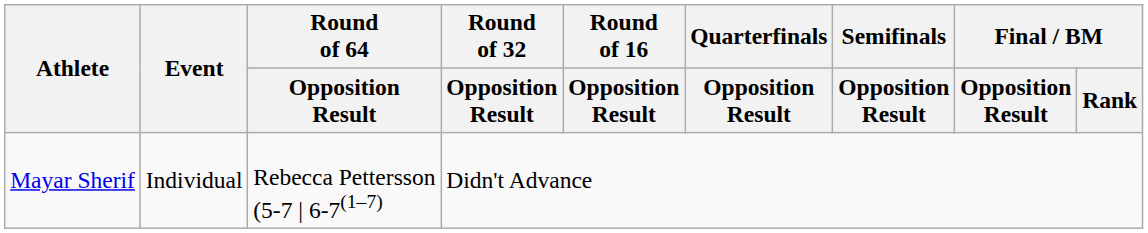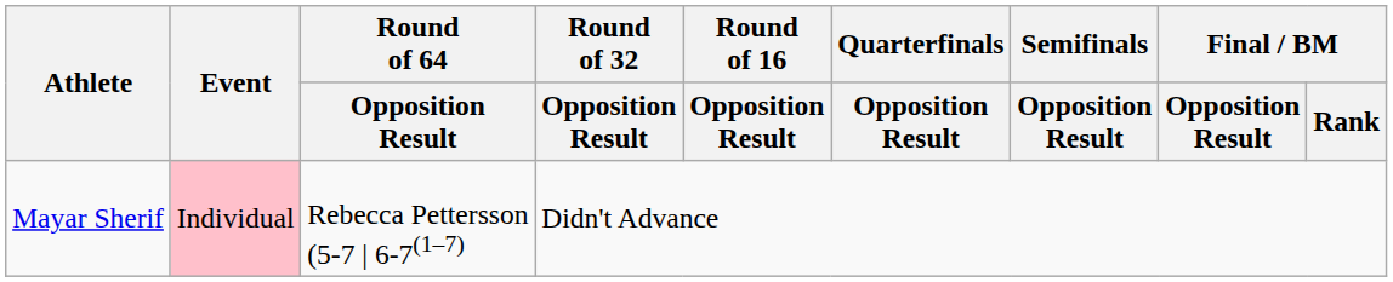 <table class="wikitable">
 <tr>
 <th rowspan="2">Athlete</th>
 <th rowspan="2">Event</th>
 <th>Round<br>of 64</th>
 <th>Round<br>of 32</th>
 <th>Round<br>of 16</th>
 <th>Quarterfinals</th>
 <th>Semifinals</th>
 <th colspan="2">Final / <abbr>BM</abbr></th>
 </tr>
 <tr>
 <th>Opposition<br>Result</th>
 <th>Opposition<br>Result</th>
 <th>Opposition<br>Result</th>
 <th>Opposition<br>Result</th>
 <th>Opposition<br>Result</th>
 <th>Opposition<br>Result</th>
 <th>Rank</th>
 </tr>
 <tr>
 <td><a href='#'>Mayar Sherif</a></td>
-<td>Individual</td>
+<td style="background: pink;">Individual</td>
 <td><br>Rebecca Pettersson<br>(5-7 | 6-7<sup>(1–7)</sup></td>
 <td colspan="6">Didn't Advance</td>
 </tr>
 </table>
